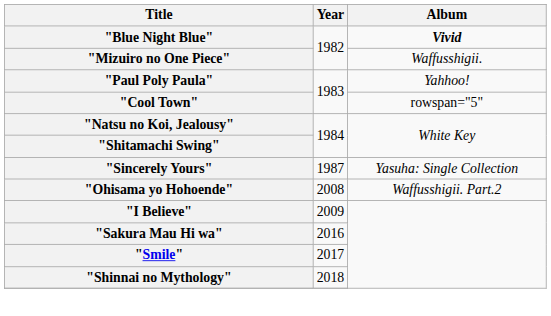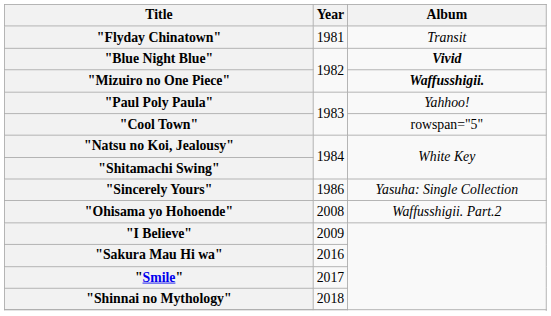 <table class="wikitable plainrowheaders" style="text-align:center;">
 <tr>
 <th scope="col" rowspan="1" style="width:22em;">Title</th>
 <th scope="col" rowspan="1" style="width:2em;">Year</th>
 <th scope="col" rowspan="1" style="width:14em;">Album</th>
+</tr>
+<tr>
+<th scope="row">"Flyday Chinatown" </th>
+<td>1981</td>
+<td rowspan="1"><em>Transit</em></td>
 </tr>
 <tr>
 <th scope="row">"Blue Night Blue" </th>
 <td rowspan="2">1982</td>
 <td><strong><em>Vivid</em></strong></td>
 </tr>
 <tr>
 <th scope="row">"Mizuiro no One Piece" </th>
-<td><em>Waffusshigii.</em></td>
+<td><strong><em>Waffusshigii.</em></strong></td>
 </tr>
 <tr>
 <th scope="row">"Paul Poly Paula" </th>
 <td rowspan="2">1983</td>
 <td><em>Yahhoo!</em></td>
 </tr>
 <tr>
 <th scope="row">"Cool Town"</th>
 <td>rowspan="5" </td>
 </tr>
 <tr>
 <th scope="row">"Natsu no Koi, Jealousy" </th>
 <td rowspan="2">1984</td>
 <td rowspan="2"><em>White Key</em></td>
 </tr>
 <tr>
 <th scope="row">"Shitamachi Swing" </th>
 </tr>
 <tr>
 <th scope="row">"Sincerely Yours"</th>
-<td>1987</td>
+<td>1986</td>
 <td><em>Yasuha: Single Collection</em></td>
 </tr>
 <tr>
 <th scope="row">"Ohisama yo Hohoende" </th>
 <td>2008</td>
 <td><em>Waffusshigii. Part.2</em></td>
 </tr>
 <tr>
 <th scope="row">"I Believe"</th>
 <td>2009</td>
 </tr>
 <tr>
 <th scope="row">"Sakura Mau Hi wa" </th>
 <td>2016</td>
 </tr>
 <tr>
 <th scope="row">"<a href='#'>Smile</a>"</th>
 <td>2017</td>
 </tr>
 <tr>
 <th scope="row">"Shinnai no Mythology" </th>
 <td>2018</td>
 </tr>
 <tr>
 </tr>
 </table>
